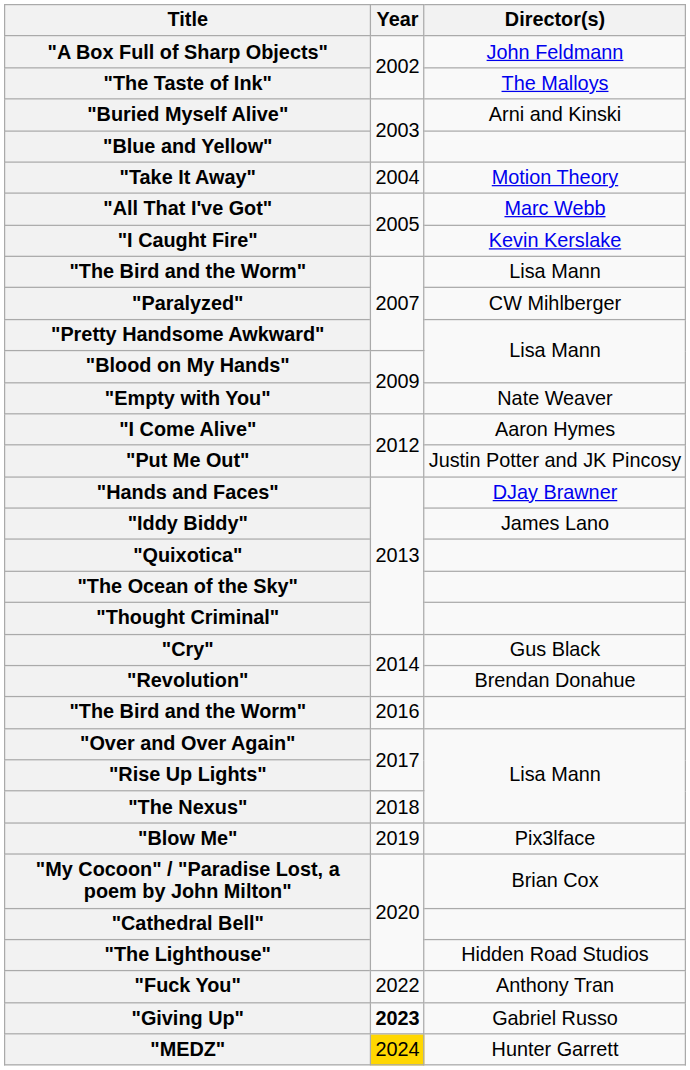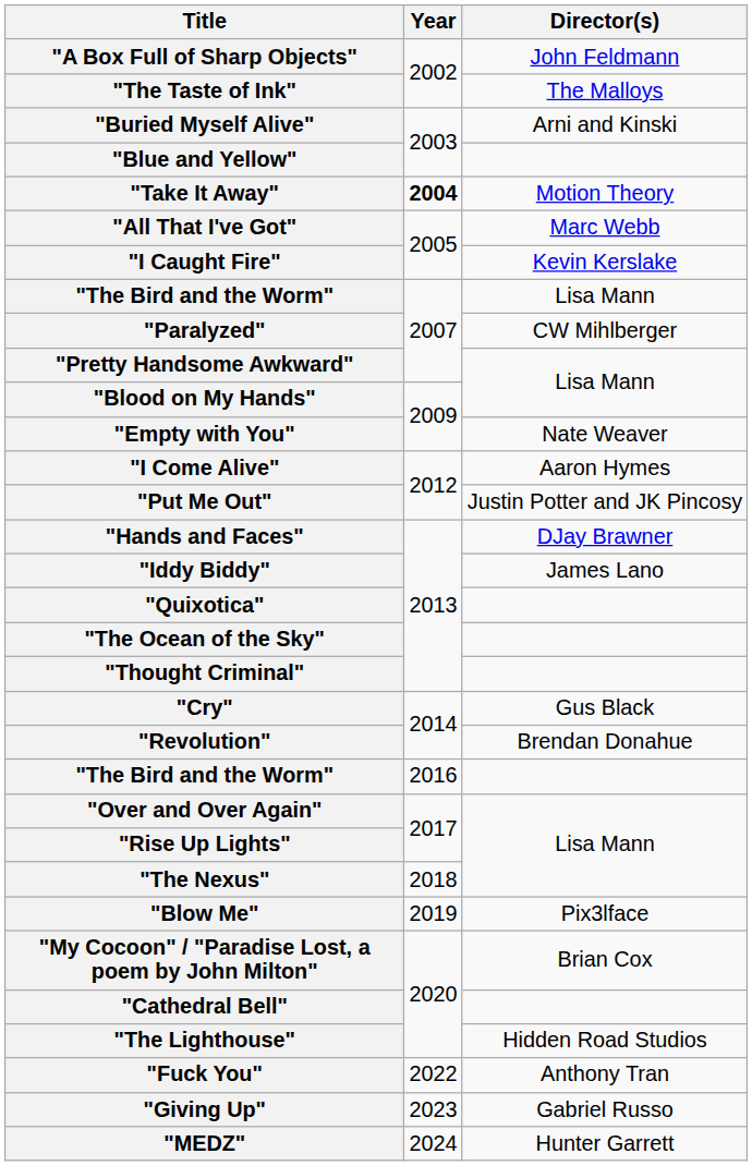 <table class="wikitable plainrowheaders" style="text-align:center;">
 <tr>
 <th scope="col" style="width:18em;">Title</th>
 <th scope="col">Year</th>
 <th scope="col">Director(s)</th>
 </tr>
 <tr>
 <th scope="row">"A Box Full of Sharp Objects"</th>
 <td rowspan="2">2002</td>
 <td><a href='#'>John Feldmann</a></td>
 </tr>
 <tr>
 <th scope="row">"The Taste of Ink"</th>
 <td><a href='#'>The Malloys</a></td>
 </tr>
 <tr>
 <th scope="row">"Buried Myself Alive"</th>
 <td rowspan="2">2003</td>
 <td>Arni and Kinski</td>
 </tr>
 <tr>
 <th scope="row">"Blue and Yellow"</th>
 <td></td>
 </tr>
 <tr>
 <th scope="row">"Take It Away"</th>
-<td>2004</td>
+<td><strong>2004</strong></td>
 <td><a href='#'>Motion Theory</a></td>
 </tr>
 <tr>
 <th scope="row">"All That I've Got"</th>
 <td rowspan="2">2005</td>
 <td><a href='#'>Marc Webb</a></td>
 </tr>
 <tr>
 <th scope="row">"I Caught Fire"</th>
 <td><a href='#'>Kevin Kerslake</a></td>
 </tr>
 <tr>
 <th scope="row">"The Bird and the Worm"</th>
 <td rowspan="3">2007</td>
 <td>Lisa Mann</td>
 </tr>
 <tr>
 <th scope="row">"Paralyzed"</th>
 <td>CW Mihlberger</td>
 </tr>
 <tr>
 <th scope="row">"Pretty Handsome Awkward"</th>
 <td rowspan="2">Lisa Mann</td>
 </tr>
 <tr>
 <th scope="row">"Blood on My Hands"</th>
 <td rowspan="2">2009</td>
 </tr>
 <tr>
 <th scope="row">"Empty with You"</th>
 <td>Nate Weaver</td>
 </tr>
 <tr>
 <th scope="row">"I Come Alive"</th>
 <td rowspan="2">2012</td>
 <td>Aaron Hymes</td>
 </tr>
 <tr>
 <th scope="row">"Put Me Out"</th>
 <td>Justin Potter and JK Pincosy</td>
 </tr>
 <tr>
 <th scope="row">"Hands and Faces"</th>
 <td rowspan="5">2013</td>
 <td><a href='#'>DJay Brawner</a></td>
 </tr>
 <tr>
 <th scope="row">"Iddy Biddy"</th>
 <td>James Lano</td>
 </tr>
 <tr>
 <th scope="row">"Quixotica"</th>
 <td></td>
 </tr>
 <tr>
 <th scope="row">"The Ocean of the Sky"</th>
 <td></td>
 </tr>
 <tr>
 <th scope="row">"Thought Criminal"</th>
 <td></td>
 </tr>
 <tr>
 <th scope="row">"Cry"</th>
 <td rowspan="2">2014</td>
 <td>Gus Black</td>
 </tr>
 <tr>
 <th scope="row">"Revolution"</th>
 <td>Brendan Donahue</td>
 </tr>
 <tr>
 <th scope="row">"The Bird and the Worm" </th>
 <td>2016</td>
 <td></td>
 </tr>
 <tr>
 <th scope="row">"Over and Over Again"</th>
 <td rowspan="2">2017</td>
 <td rowspan="3">Lisa Mann</td>
 </tr>
 <tr>
 <th scope="row">"Rise Up Lights"</th>
 </tr>
 <tr>
 <th scope="row">"The Nexus"</th>
 <td>2018</td>
 </tr>
 <tr>
 <th scope="row">"Blow Me"</th>
 <td>2019</td>
 <td>Pix3lface</td>
 </tr>
 <tr>
 <th scope="row">"My Cocoon" / "Paradise Lost, a poem by John Milton"</th>
 <td rowspan="3">2020</td>
 <td>Brian Cox </td>
 </tr>
 <tr>
 <th scope="row">"Cathedral Bell"</th>
 <td></td>
 </tr>
 <tr>
 <th scope="row">"The Lighthouse"</th>
 <td>Hidden Road Studios</td>
 </tr>
 <tr>
 <th scope="row">"Fuck You"</th>
 <td>2022</td>
 <td>Anthony Tran</td>
 </tr>
 <tr>
 <th scope="row">"Giving Up"</th>
-<td><strong>2023</strong></td>
+<td>2023</td>
 <td>Gabriel Russo</td>
 </tr>
 <tr>
 <th scope="row">"MEDZ"</th>
-<td style="background: gold;">2024</td>
+<td>2024</td>
 <td>Hunter Garrett</td>
 </tr>
 </table>
